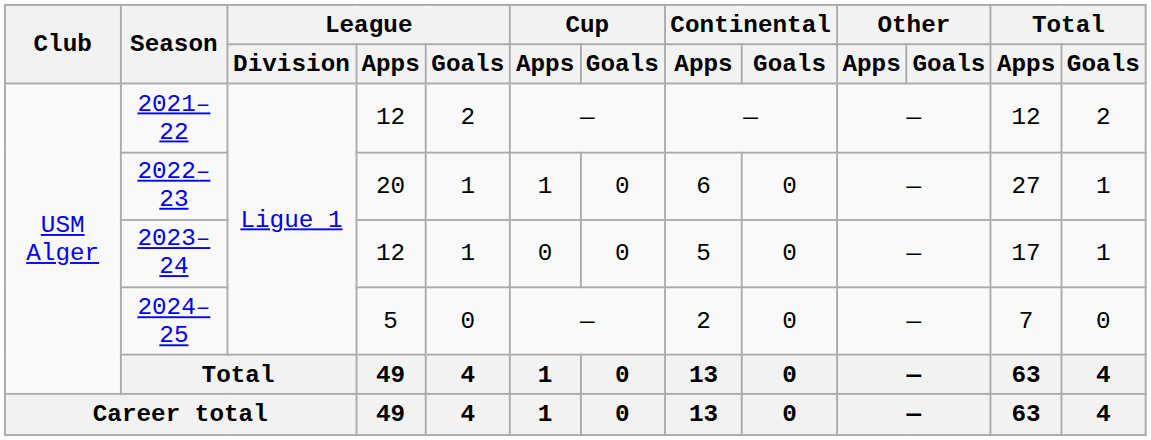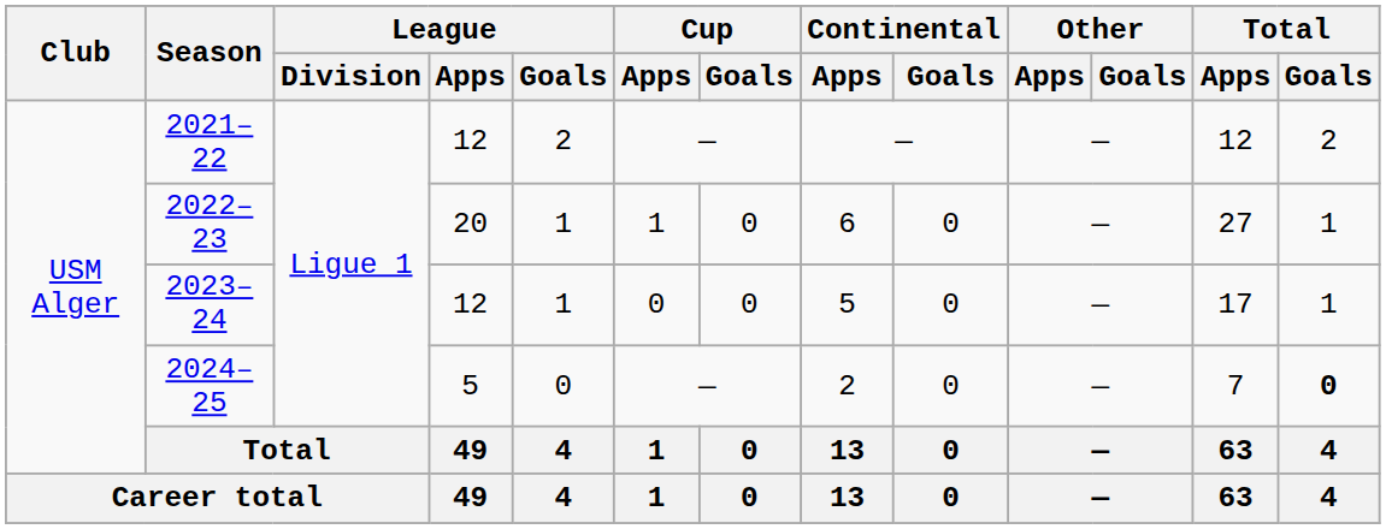 <table class="wikitable" style="text-align:center">
 <tr>
 <th rowspan="2">Club</th>
 <th rowspan="2">Season</th>
 <th colspan="3">League</th>
 <th colspan="2">Cup</th>
 <th colspan="2">Continental</th>
 <th colspan="2">Other</th>
 <th colspan="2">Total</th>
 </tr>
 <tr>
 <th>Division</th>
 <th>Apps</th>
 <th>Goals</th>
 <th>Apps</th>
 <th>Goals</th>
 <th>Apps</th>
 <th>Goals</th>
 <th>Apps</th>
 <th>Goals</th>
 <th>Apps</th>
 <th>Goals</th>
 </tr>
 <tr>
 <td rowspan="5" valign="center"><a href='#'>USM Alger</a></td>
 <td><a href='#'>2021–22</a></td>
 <td rowspan=4><a href='#'>Ligue 1</a></td>
 <td>12</td>
 <td>2</td>
 <td colspan=2>—</td>
 <td colspan=2>—</td>
 <td colspan=2>—</td>
 <td>12</td>
 <td>2</td>
 </tr>
 <tr>
 <td><a href='#'>2022–23</a></td>
 <td>20</td>
 <td>1</td>
 <td>1</td>
 <td>0</td>
 <td>6</td>
 <td>0</td>
 <td colspan=2>—</td>
 <td>27</td>
 <td>1</td>
 </tr>
 <tr>
 <td><a href='#'>2023–24</a></td>
 <td>12</td>
 <td>1</td>
 <td>0</td>
 <td>0</td>
 <td>5</td>
 <td>0</td>
 <td colspan=2>—</td>
 <td>17</td>
 <td>1</td>
 </tr>
 <tr>
 <td><a href='#'>2024–25</a></td>
 <td>5</td>
 <td>0</td>
 <td colspan=2>—</td>
 <td>2</td>
 <td>0</td>
 <td colspan=2>—</td>
 <td>7</td>
-<td>0</td>
+<td><strong>0</strong></td>
 </tr>
 <tr>
 <th colspan="2">Total</th>
 <th>49</th>
 <th>4</th>
 <th>1</th>
 <th>0</th>
 <th>13</th>
 <th>0</th>
 <th colspan=2>—</th>
 <th>63</th>
 <th>4</th>
 </tr>
 <tr>
 <th colspan="3">Career total</th>
 <th>49</th>
 <th>4</th>
 <th>1</th>
 <th>0</th>
 <th>13</th>
 <th>0</th>
 <th colspan=2>—</th>
 <th>63</th>
 <th>4</th>
 </tr>
 </table>
